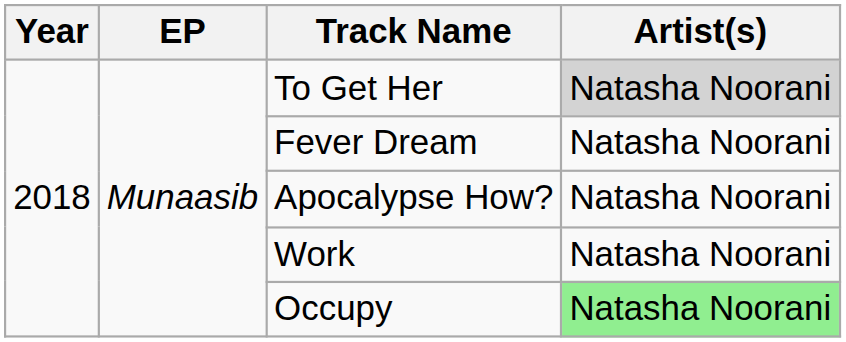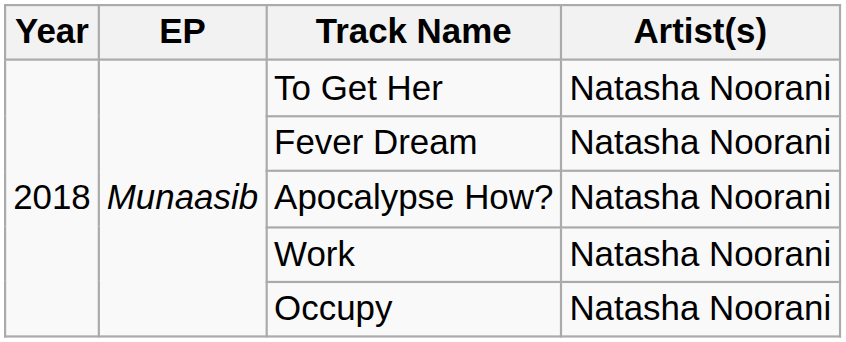 <table class="wikitable">
 <tr>
 <th>Year</th>
 <th>EP</th>
 <th>Track Name</th>
 <th>Artist(s)</th>
 </tr>
 <tr>
 <td rowspan="5">2018</td>
 <td rowspan="5"><em>Munaasib</em></td>
 <td>To Get Her</td>
-<td style="background: lightgrey;">Natasha Noorani</td>
+<td>Natasha Noorani</td>
 </tr>
 <tr>
 <td>Fever Dream</td>
 <td>Natasha Noorani</td>
 </tr>
 <tr>
 <td>Apocalypse How?</td>
 <td>Natasha Noorani</td>
 </tr>
 <tr>
 <td>Work</td>
 <td>Natasha Noorani</td>
 </tr>
 <tr>
 <td>Occupy</td>
-<td style="background: lightgreen;">Natasha Noorani</td>
+<td>Natasha Noorani</td>
 </tr>
 </table>
